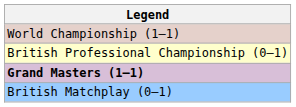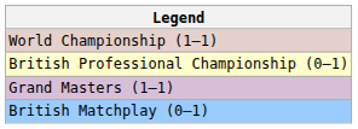 <table class="wikitable">
 <tr>
 <th>Legend</th>
 </tr>
 <tr style="background:#e5d1cb;">
 <td>World Championship (1–1)</td>
 </tr>
 <tr style="background:#ffc;">
 <td>British Professional Championship (0–1)</td>
 </tr>
 <tr style="background:thistle">
-<td><strong>Grand Masters (1–1)</strong></td>
+<td>Grand Masters (1–1)</td>
 </tr>
 <tr style="background:#9cf;">
 <td>British Matchplay (0–1)</td>
 </tr>
 </table>
